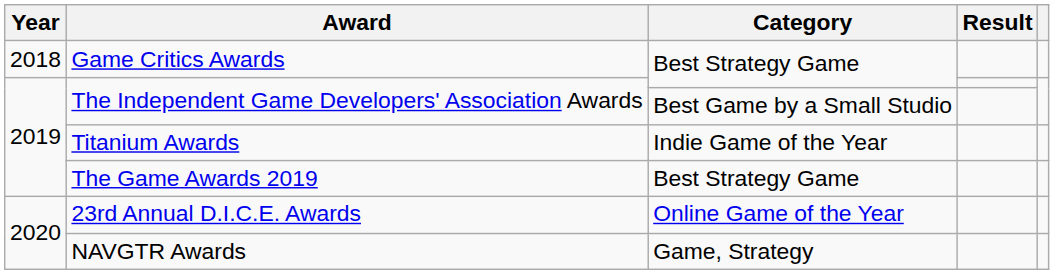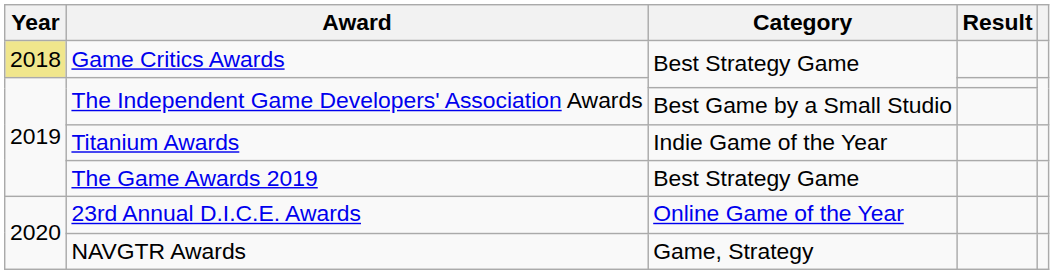 <table class="wikitable sortable">
 <tr>
 <th>Year</th>
 <th>Award</th>
 <th>Category</th>
 <th>Result</th>
 <th></th>
 </tr>
 <tr>
-<td style="text-align:center;" rowspan="1">2018</td>
+<td style="background: khaki; text-align:center;" rowspan="1">2018</td>
 <td><a href='#'>Game Critics Awards</a></td>
 <td rowspan="2">Best Strategy Game</td>
 <td></td>
 <td style="text-align:center;"></td>
 </tr>
 <tr>
 <td style="text-align:center;" rowspan="4">2019</td>
 <td rowspan="2"><a href='#'>The Independent Game Developers' Association</a> Awards</td>
 <td></td>
 <td rowspan="2" style="text-align:center;"></td>
 </tr>
 <tr>
 <td>Best Game by a Small Studio</td>
 <td></td>
 </tr>
 <tr>
 <td><a href='#'>Titanium Awards</a></td>
 <td>Indie Game of the Year</td>
 <td></td>
 <td style="text-align:center;"></td>
 </tr>
 <tr>
 <td><a href='#'>The Game Awards 2019</a></td>
 <td>Best Strategy Game</td>
 <td></td>
 <td style="text-align:center;"></td>
 </tr>
 <tr>
 <td style="text-align:center;" rowspan="2">2020</td>
 <td><a href='#'>23rd Annual D.I.C.E. Awards</a></td>
 <td><a href='#'>Online Game of the Year</a></td>
 <td></td>
 <td style="text-align:center;"></td>
 </tr>
 <tr>
 <td>NAVGTR Awards</td>
 <td>Game, Strategy</td>
 <td></td>
 <td style="text-align:center;"></td>
 </tr>
 </table>
